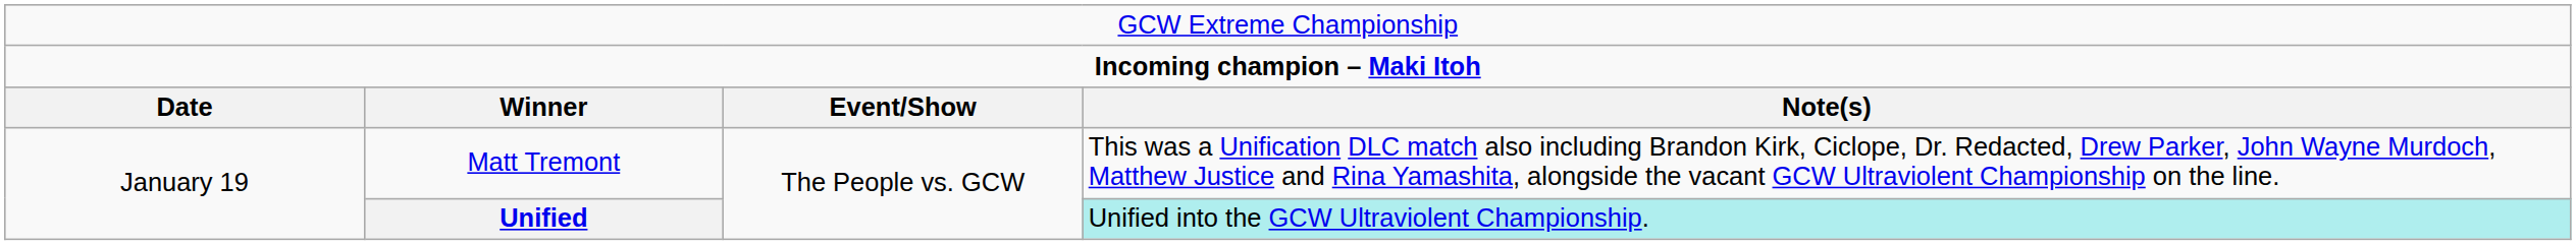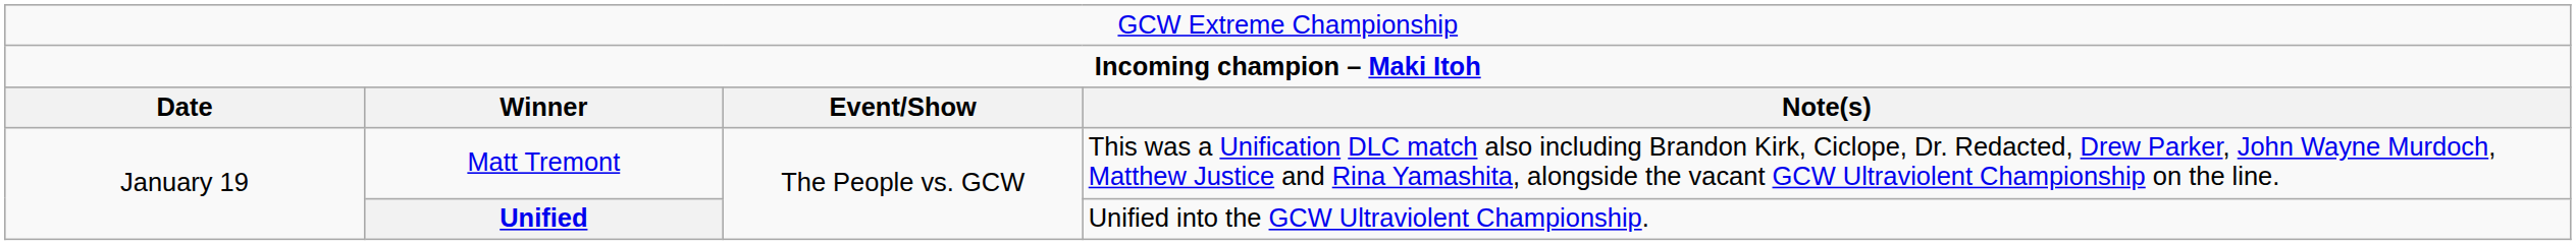 <table class="wikitable" style="text-align:center; width:100%;">
 <tr>
 <td colspan="4" style="text-align: center;"><a href='#'>GCW Extreme Championship</a></td>
 </tr>
 <tr>
 <td colspan="4" style="text-align: center;"><strong>Incoming champion – <a href='#'>Maki Itoh</a></strong></td>
 </tr>
 <tr>
 <th width=14%>Date</th>
 <th width=14%>Winner</th>
 <th width=14%>Event/Show</th>
 <th width=58%>Note(s)</th>
 </tr>
 <tr>
 <td rowspan=2>January 19</td>
 <td><a href='#'>Matt Tremont</a></td>
 <td rowspan=2>The People vs. GCW</td>
 <td align=left>This was a <a href='#'>Unification</a> <a href='#'>DLC match</a> also including Brandon Kirk, Ciclope, Dr. Redacted, <a href='#'>Drew Parker</a>, <a href='#'>John Wayne Murdoch</a>, <a href='#'>Matthew Justice</a> and <a href='#'>Rina Yamashita</a>, alongside the vacant <a href='#'>GCW Ultraviolent Championship</a> on the line.</td>
 </tr>
 <tr>
 <th><a href='#'>Unified</a></th>
-<td align=left style="background: paleturquoise;">Unified into the <a href='#'>GCW Ultraviolent Championship</a>.</td>
+<td align=left>Unified into the <a href='#'>GCW Ultraviolent Championship</a>.</td>
 </tr>
 </table>
